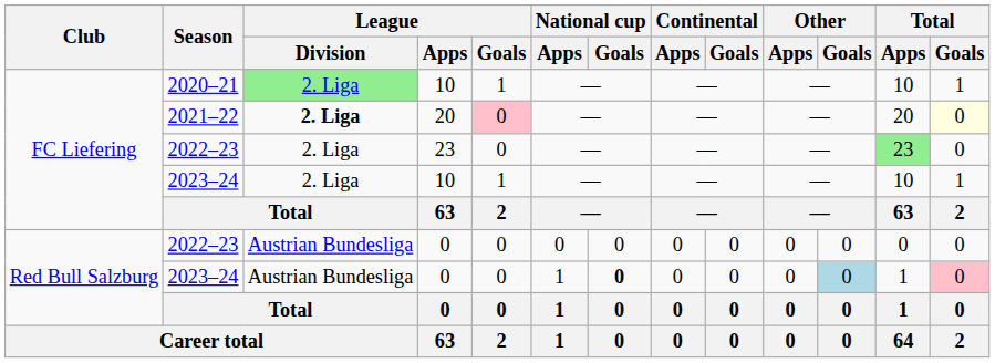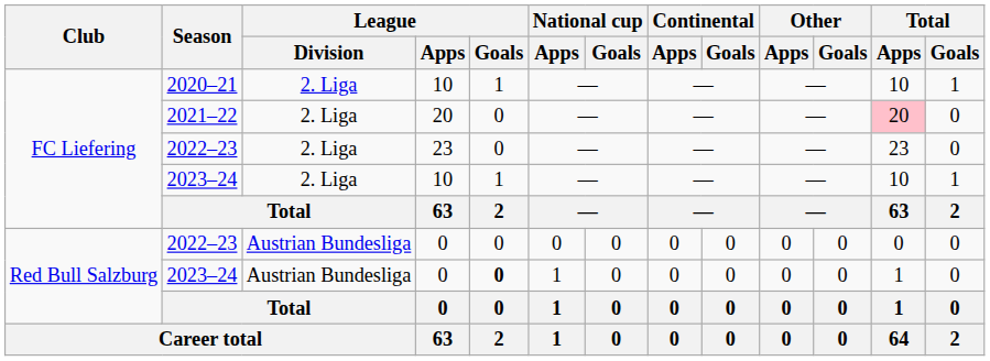 <table class="wikitable" style="text-align:center">
 <tr>
 <th rowspan="2">Club</th>
 <th rowspan="2">Season</th>
 <th colspan="3">League</th>
 <th colspan="2">National cup</th>
 <th colspan="2">Continental</th>
 <th colspan="2">Other</th>
 <th colspan="2">Total</th>
 </tr>
 <tr>
 <th>Division</th>
 <th>Apps</th>
 <th>Goals</th>
 <th>Apps</th>
 <th>Goals</th>
 <th>Apps</th>
 <th>Goals</th>
 <th>Apps</th>
 <th>Goals</th>
 <th>Apps</th>
 <th>Goals</th>
 </tr>
 <tr>
 <td rowspan="5"><a href='#'>FC Liefering</a></td>
 <td><a href='#'>2020–21</a></td>
-<td style="background: lightgreen;"><a href='#'>2. Liga</a></td>
+<td><a href='#'>2. Liga</a></td>
 <td>10</td>
 <td>1</td>
 <td colspan="2">—</td>
 <td colspan="2">—</td>
 <td colspan="2">—</td>
 <td>10</td>
 <td>1</td>
 </tr>
 <tr>
 <td><a href='#'>2021–22</a></td>
-<td><strong>2. Liga</strong></td>
+<td>2. Liga</td>
 <td>20</td>
-<td style="background: pink;">0</td>
+<td>0</td>
 <td colspan="2">—</td>
 <td colspan="2">—</td>
 <td colspan="2">—</td>
-<td>20</td>
-<td style="background: lightyellow;">0</td>
+<td style="background: pink;">20</td>
+<td>0</td>
 </tr>
 <tr>
 <td><a href='#'>2022–23</a></td>
 <td>2. Liga</td>
 <td>23</td>
 <td>0</td>
 <td colspan="2">—</td>
 <td colspan="2">—</td>
 <td colspan="2">—</td>
-<td style="background: lightgreen;">23</td>
+<td>23</td>
 <td>0</td>
 </tr>
 <tr>
 <td><a href='#'>2023–24</a></td>
 <td>2. Liga</td>
 <td>10</td>
 <td>1</td>
 <td colspan="2">—</td>
 <td colspan="2">—</td>
 <td colspan="2">—</td>
 <td>10</td>
 <td>1</td>
 </tr>
 <tr>
 <th colspan="2">Total</th>
 <th>63</th>
 <th>2</th>
 <th colspan="2">—</th>
 <th colspan="2">—</th>
 <th colspan="2">—</th>
 <th>63</th>
 <th>2</th>
 </tr>
 <tr>
 <td rowspan="3"><a href='#'>Red Bull Salzburg</a></td>
 <td><a href='#'>2022–23</a></td>
 <td><a href='#'>Austrian Bundesliga</a></td>
 <td>0</td>
 <td>0</td>
 <td>0</td>
 <td>0</td>
 <td>0</td>
 <td>0</td>
 <td>0</td>
 <td>0</td>
 <td>0</td>
 <td>0</td>
 </tr>
 <tr>
 <td><a href='#'>2023–24</a></td>
 <td>Austrian Bundesliga</td>
 <td>0</td>
-<td>0</td>
+<td><strong>0</strong></td>
 <td>1</td>
-<td><strong>0</strong></td>
 <td>0</td>
 <td>0</td>
 <td>0</td>
-<td style="background: lightblue;">0</td>
+<td>0</td>
+<td>0</td>
 <td>1</td>
-<td style="background: pink;">0</td>
+<td>0</td>
 </tr>
 <tr>
 <th colspan="2">Total</th>
 <th>0</th>
 <th>0</th>
 <th>1</th>
 <th>0</th>
 <th>0</th>
 <th>0</th>
 <th>0</th>
 <th>0</th>
 <th>1</th>
 <th>0</th>
 </tr>
 <tr>
 <th colspan="3">Career total</th>
 <th>63</th>
 <th>2</th>
 <th>1</th>
 <th>0</th>
 <th>0</th>
 <th>0</th>
 <th>0</th>
 <th>0</th>
 <th>64</th>
 <th>2</th>
 </tr>
 </table>
